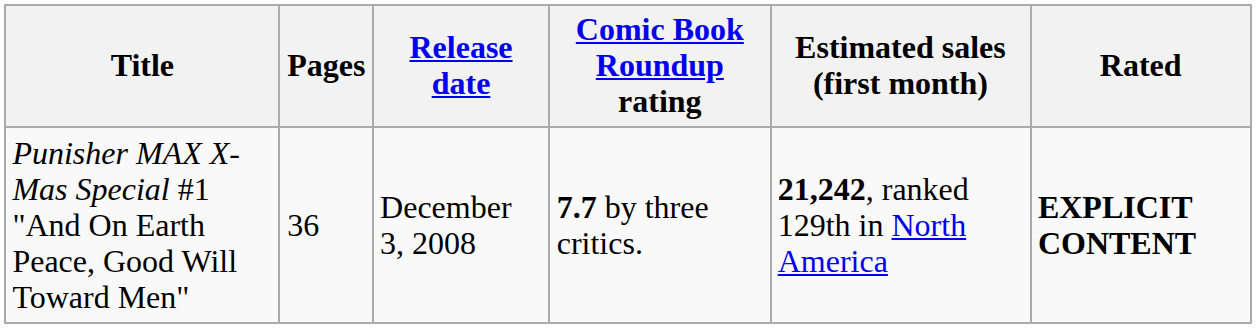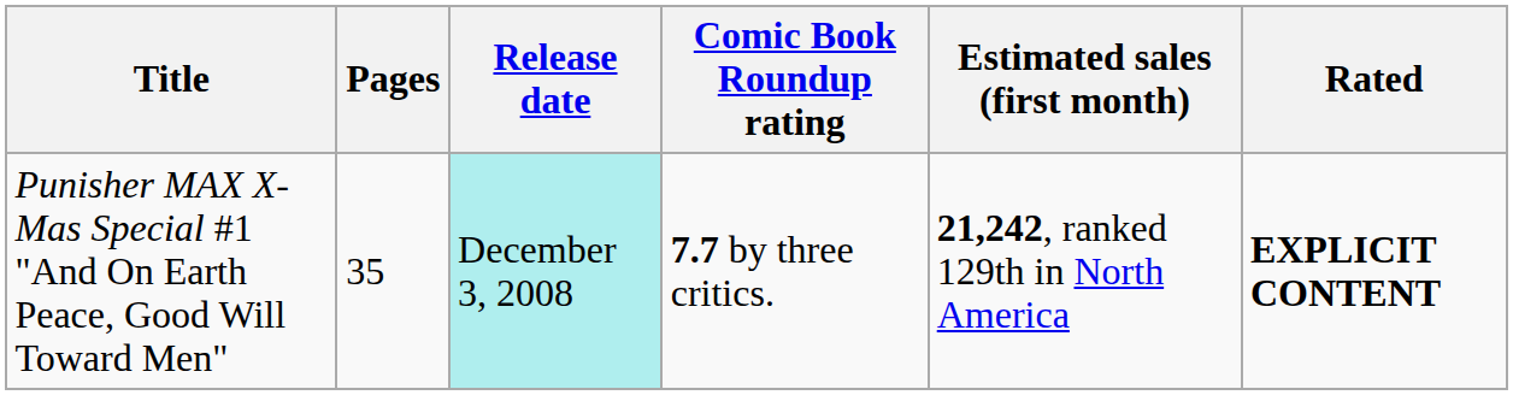 <table class="wikitable" width=100%>
 <tr>
 <th>Title</th>
 <th>Pages</th>
 <th><a href='#'>Release date</a></th>
 <th><a href='#'>Comic Book Roundup</a> rating</th>
 <th>Estimated sales (first month)</th>
 <th>Rated</th>
 </tr>
 <tr>
 <td><em>Punisher MAX X-Mas Special</em> #1<br>"And On Earth Peace, Good Will Toward Men"</td>
-<td>36</td>
-<td>December 3, 2008</td>
+<td>35</td>
+<td style="background: paleturquoise;">December 3, 2008</td>
 <td><strong>7.7</strong> by three critics.</td>
 <td><strong>21,242</strong>, ranked 129th in <a href='#'>North America</a></td>
 <td><strong>EXPLICIT CONTENT</strong></td>
 </tr>
 <tr>
 </tr>
 </table>
